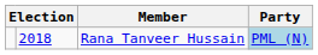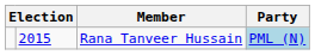 <table class="wikitable">
 <tr>
 <th colspan="2">Election</th>
 <th>Member</th>
 <th>Party</th>
 </tr>
 <tr>
 <td style="background-color: "></td>
-<td><a href='#'>2018</a></td>
+<td><a href='#'>2015</a></td>
 <td><a href='#'>Rana Tanveer Hussain</a></td>
 <td style="background: lightblue;"><a href='#'>PML (N)</a></td>
 </tr>
 </table>
